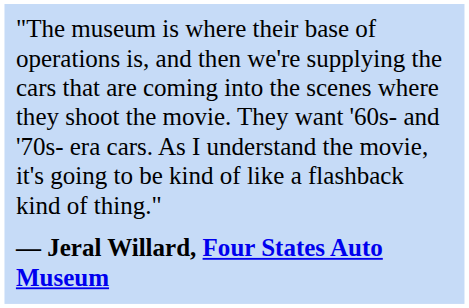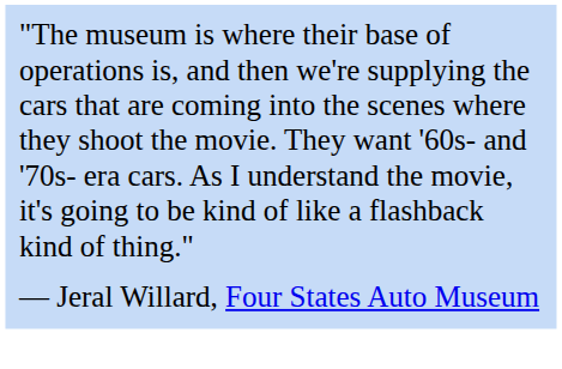 <table class="toccolours" style="float: right; margin-left: 1em; margin-right: 2em; font-size: 85%; background:#c6dbf7; color:black; width:28em; max-width: 40%;" cellspacing="5">
 <tr>
 <td style="text-align: left;">"The museum is where their base of operations is, and then we're supplying the cars that are coming into the scenes where they shoot the movie. They want '60s- and '70s- era cars. As I understand the movie, it's going to be kind of like a flashback kind of thing."</td>
 </tr>
 <tr>
-<td style="text-align: left;"><strong>— Jeral Willard, <a href='#'>Four States Auto Museum</a></strong></td>
+<td style="text-align: left;">— Jeral Willard, <a href='#'>Four States Auto Museum</a></td>
 </tr>
 </table>
